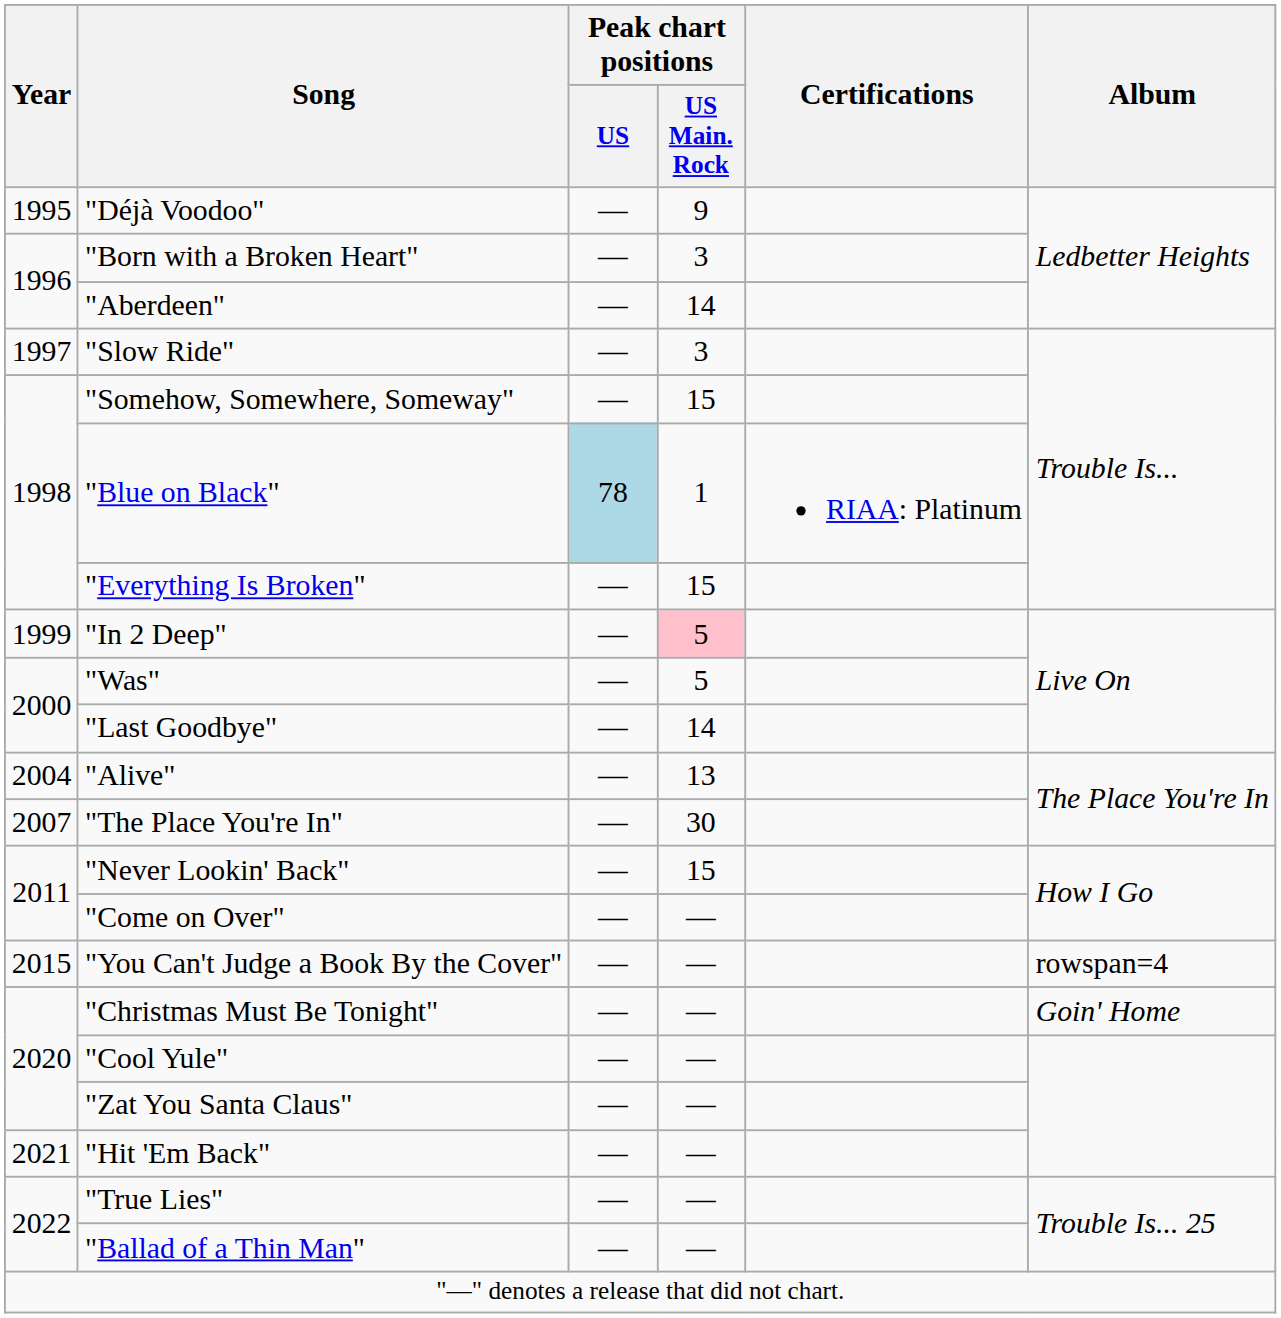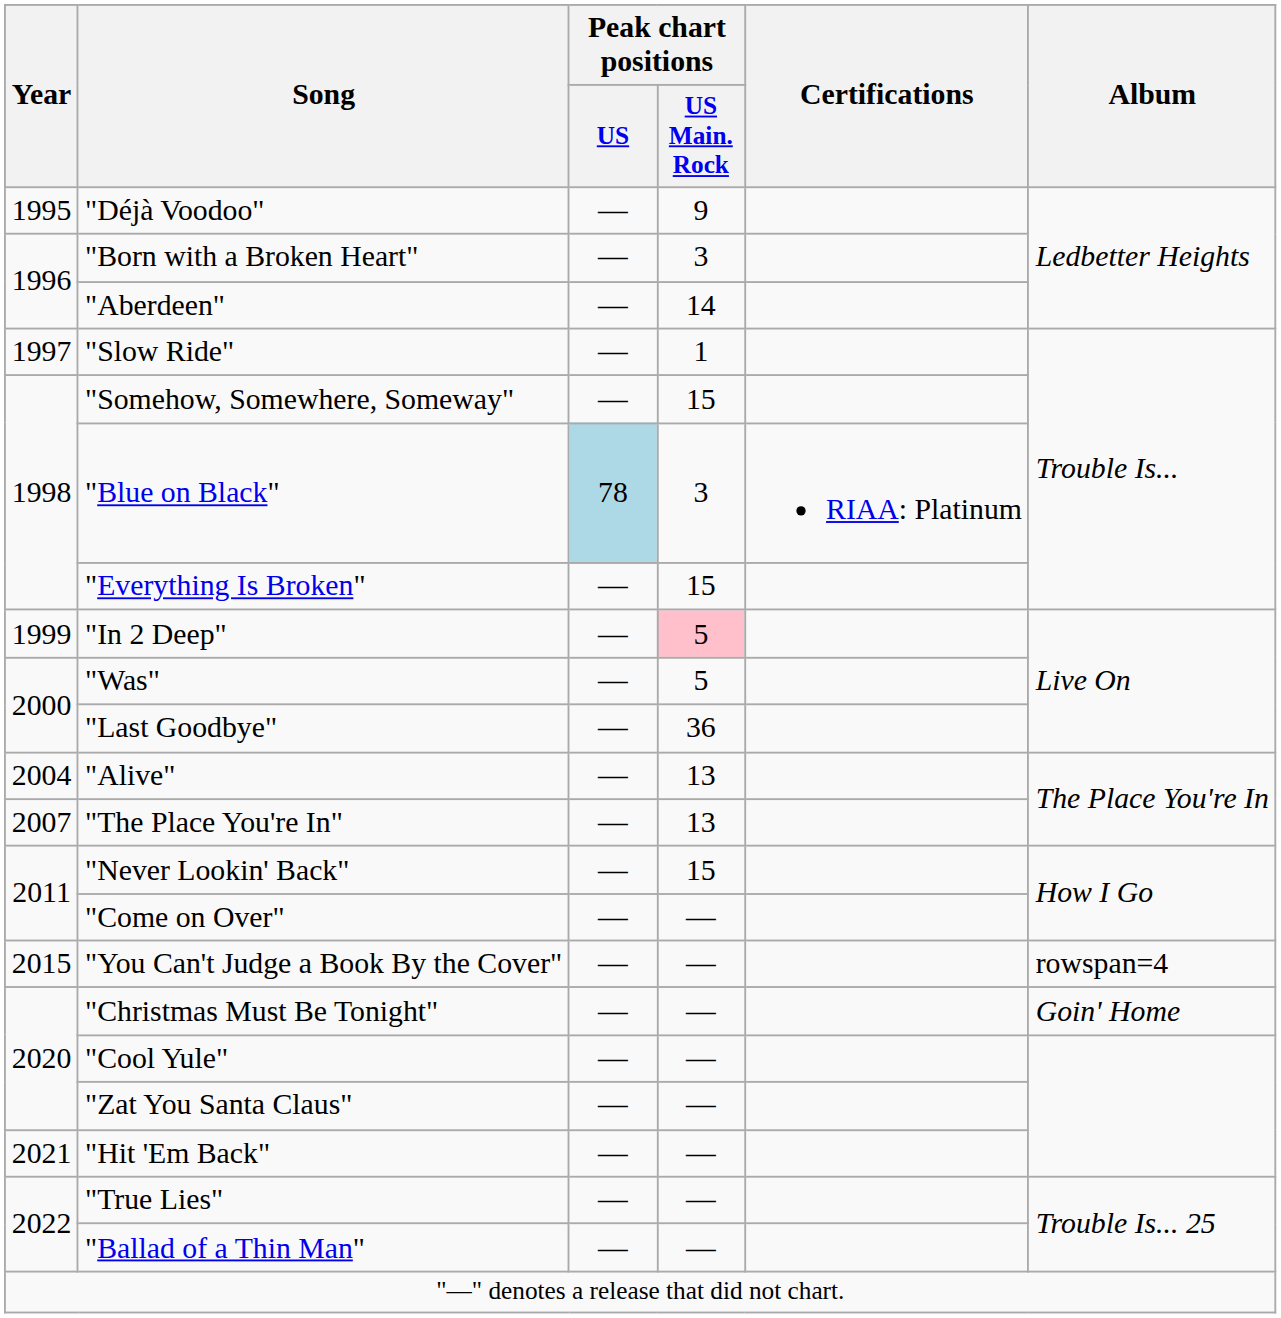 <table class="wikitable">
 <tr>
 <th rowspan="2">Year</th>
 <th rowspan="2">Song</th>
 <th colspan="2">Peak chart positions</th>
 <th rowspan="2">Certifications</th>
 <th rowspan="2">Album</th>
 </tr>
 <tr>
 <th style="width:3em;font-size:85%"><a href='#'>US</a><br></th>
 <th style="width:3em;font-size:85%"><a href='#'>US<br>Main. Rock</a><br></th>
 </tr>
 <tr>
 <td style="text-align:center;">1995</td>
 <td>"Déjà Voodoo"</td>
 <td style="text-align:center;">—</td>
 <td style="text-align:center;">9</td>
 <td></td>
 <td rowspan="3"><em>Ledbetter Heights</em></td>
 </tr>
 <tr>
 <td style="text-align:center;" rowspan="2">1996</td>
 <td>"Born with a Broken Heart"</td>
 <td style="text-align:center;">—</td>
 <td style="text-align:center;">3</td>
 <td></td>
 </tr>
 <tr>
 <td>"Aberdeen"</td>
 <td style="text-align:center;">—</td>
 <td style="text-align:center;">14</td>
 <td></td>
 </tr>
 <tr>
 <td style="text-align:center;">1997</td>
 <td>"Slow Ride"</td>
 <td style="text-align:center;">—</td>
-<td style="text-align:center;">3</td>
+<td style="text-align:center;">1</td>
 <td></td>
 <td rowspan="4"><em>Trouble Is...</em></td>
 </tr>
 <tr>
 <td style="text-align:center;" rowspan="3">1998</td>
 <td>"Somehow, Somewhere, Someway"</td>
 <td style="text-align:center;">—</td>
 <td style="text-align:center;">15</td>
 <td></td>
 </tr>
 <tr>
 <td>"<a href='#'>Blue on Black</a>"</td>
 <td style="background: lightblue; text-align:center;">78</td>
-<td style="text-align:center;">1</td>
+<td style="text-align:center;">3</td>
 <td><br><ul><li><a href='#'>RIAA</a>: Platinum</li></ul></td>
 </tr>
 <tr>
 <td>"<a href='#'>Everything Is Broken</a>"</td>
 <td style="text-align:center;">—</td>
 <td style="text-align:center;">15</td>
 <td></td>
 </tr>
 <tr>
 <td style="text-align:center;">1999</td>
 <td>"In 2 Deep"</td>
 <td style="text-align:center;">—</td>
 <td style="background: pink; text-align:center;">5</td>
 <td></td>
 <td rowspan="3"><em>Live On</em></td>
 </tr>
 <tr>
 <td style="text-align:center;" rowspan="2">2000</td>
 <td>"Was"</td>
 <td style="text-align:center;">—</td>
 <td style="text-align:center;">5</td>
 <td></td>
 </tr>
 <tr>
 <td>"Last Goodbye"</td>
 <td style="text-align:center;">—</td>
-<td style="text-align:center;">14</td>
+<td style="text-align:center;">36</td>
 <td></td>
 </tr>
 <tr>
 <td style="text-align:center;">2004</td>
 <td>"Alive"</td>
 <td style="text-align:center;">—</td>
 <td style="text-align:center;">13</td>
 <td></td>
 <td rowspan="2"><em>The Place You're In</em></td>
 </tr>
 <tr>
 <td style="text-align:center;">2007</td>
 <td>"The Place You're In"</td>
 <td style="text-align:center;">—</td>
-<td style="text-align:center;">30</td>
+<td style="text-align:center;">13</td>
 <td></td>
 </tr>
 <tr>
 <td style="text-align:center;" rowspan="2">2011</td>
 <td>"Never Lookin' Back"</td>
 <td style="text-align:center;">—</td>
 <td style="text-align:center;">15</td>
 <td></td>
 <td rowspan="2"><em>How I Go</em></td>
 </tr>
 <tr>
 <td>"Come on Over"</td>
 <td style="text-align:center;">—</td>
 <td style="text-align:center;">—</td>
 <td></td>
 </tr>
 <tr>
 <td style="text-align:center;">2015</td>
 <td>"You Can't Judge a Book By the Cover"</td>
 <td style="text-align:center;">—</td>
 <td style="text-align:center;">—</td>
 <td></td>
 <td>rowspan=4 </td>
 </tr>
 <tr>
 <td style="text-align:center;" rowspan="3">2020</td>
 <td>"Christmas Must Be Tonight"</td>
 <td style="text-align:center;">—</td>
 <td style="text-align:center;">—</td>
 <td></td>
 <td><em>Goin' Home</em></td>
 </tr>
 <tr>
 <td>"Cool Yule"</td>
 <td style="text-align:center;">—</td>
 <td style="text-align:center;">—</td>
 <td></td>
 </tr>
 <tr>
 <td>"Zat You Santa Claus"</td>
 <td style="text-align:center;">—</td>
 <td style="text-align:center;">—</td>
 <td></td>
 </tr>
 <tr>
 <td style="text-align:center;">2021</td>
 <td>"Hit 'Em Back"<br> </td>
 <td style="text-align:center;">—</td>
 <td style="text-align:center;">—</td>
 <td></td>
 </tr>
 <tr>
 <td rowspan=2 style="text-align:center;">2022</td>
 <td>"True Lies"</td>
 <td style="text-align:center;">—</td>
 <td style="text-align:center;">—</td>
 <td></td>
 <td rowspan="2"><em>Trouble Is... 25</em></td>
 </tr>
 <tr>
 <td>"<a href='#'>Ballad of a Thin Man</a>"</td>
 <td style="text-align:center;">—</td>
 <td style="text-align:center;">—</td>
 <td></td>
 </tr>
 <tr>
 <td colspan="9" style="text-align:center; font-size:85%">"—" denotes a release that did not chart.</td>
 </tr>
 </table>
